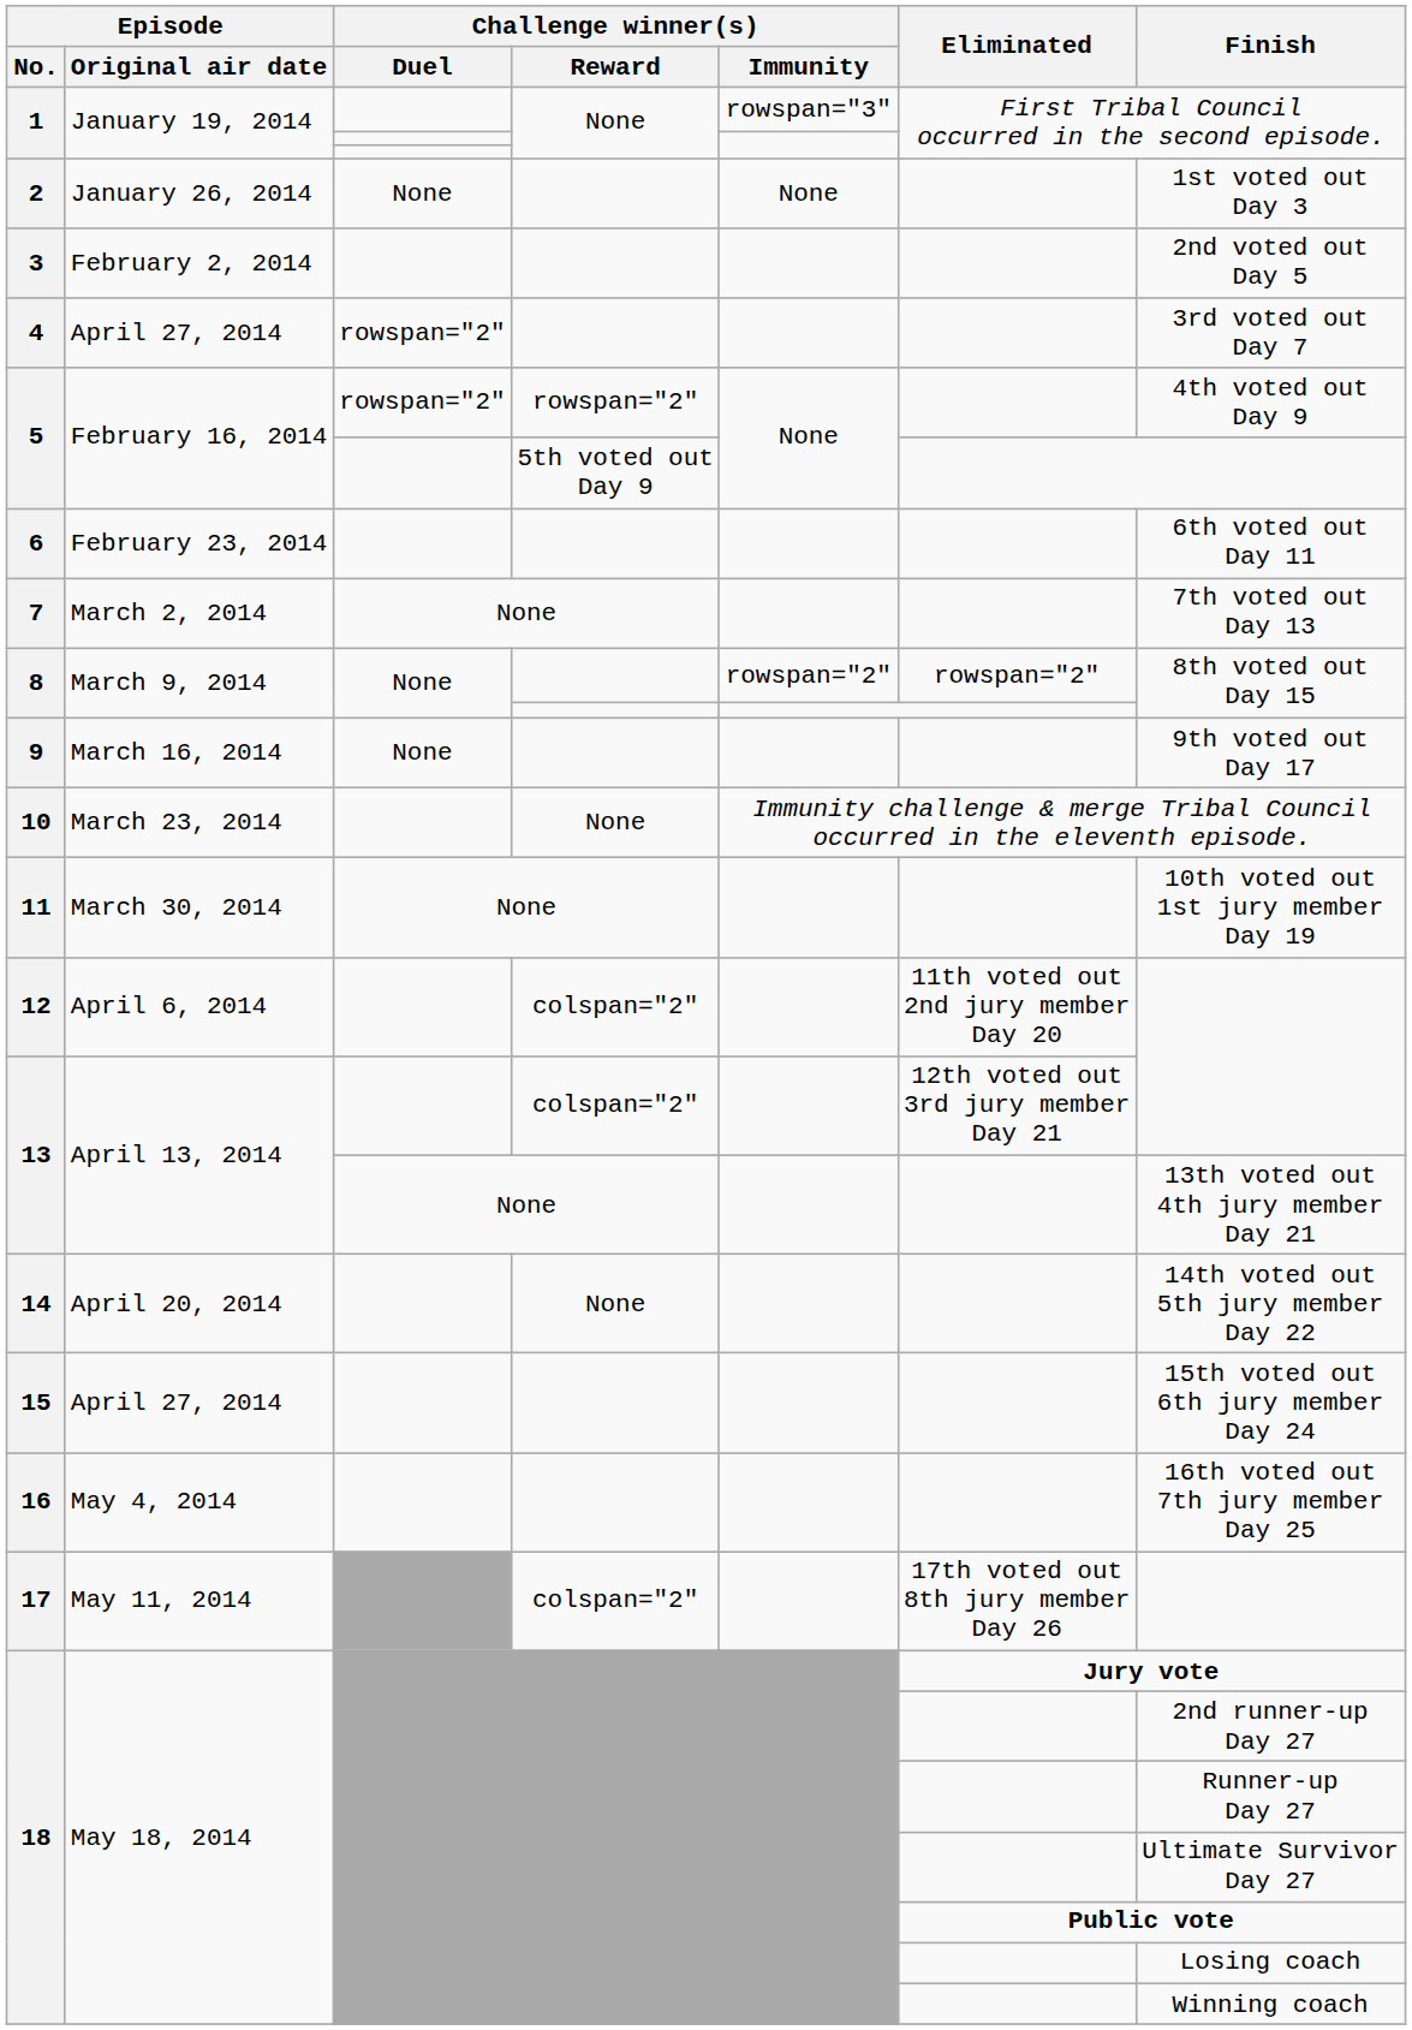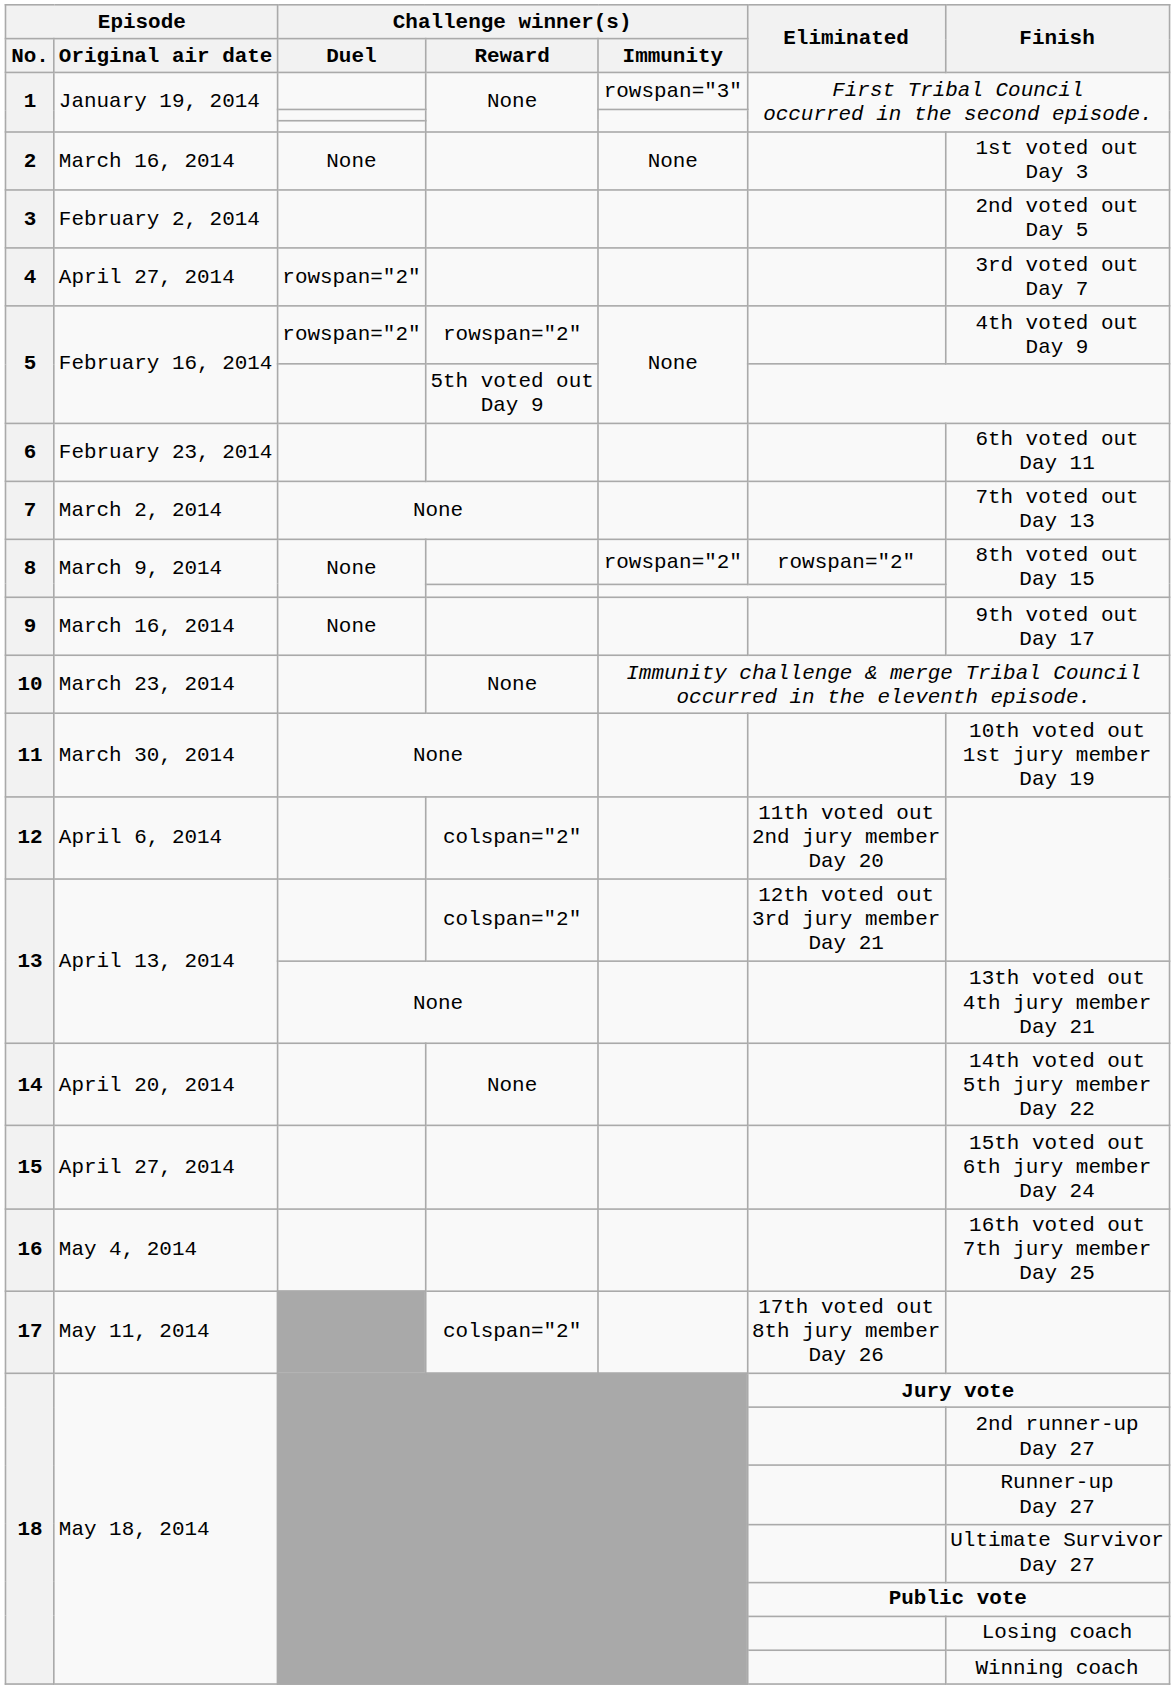 <table class="wikitable" style="margin:auto; text-align:center">
 <tr>
 <th colspan=2>Episode</th>
 <th colspan=3>Challenge winner(s)</th>
 <th rowspan=2>Eliminated</th>
 <th rowspan=2>Finish</th>
 </tr>
 <tr>
 <th>No.</th>
 <th>Original air date</th>
 <th>Duel</th>
 <th>Reward</th>
 <th>Immunity</th>
 </tr>
 <tr>
 <th rowspan="3" align="left">1</th>
 <td rowspan="3" align="left">January 19, 2014</td>
 <td></td>
 <td rowspan=3>None</td>
 <td>rowspan="3" </td>
 <td rowspan="3" colspan="2"><em>First Tribal Council<br>occurred in the second episode.</em></td>
 </tr>
 <tr>
 <td></td>
 </tr>
 <tr>
 <td></td>
 </tr>
 <tr>
 <th>2</th>
-<td align="left">January 26, 2014</td>
+<td align="left">March 16, 2014</td>
 <td>None</td>
 <td></td>
 <td>None</td>
 <td></td>
 <td>1st voted out<br>Day 3</td>
 </tr>
 <tr>
 <th>3</th>
 <td align="left">February 2, 2014</td>
 <td></td>
 <td></td>
 <td></td>
 <td></td>
 <td>2nd voted out<br>Day 5</td>
 </tr>
 <tr>
 <th>4</th>
 <td align="left">April 27, 2014</td>
 <td>rowspan="2" </td>
 <td></td>
 <td></td>
 <td></td>
 <td>3rd voted out<br>Day 7</td>
 </tr>
 <tr>
 <th rowspan="2">5</th>
 <td rowspan="2" align="left">February 16, 2014</td>
 <td>rowspan="2" </td>
 <td>rowspan="2" </td>
 <td rowspan="2">None</td>
 <td></td>
 <td>4th voted out<br>Day 9</td>
 </tr>
 <tr>
 <td></td>
 <td>5th voted out<br>Day 9</td>
 </tr>
 <tr>
 <th>6</th>
 <td align="left">February 23, 2014</td>
 <td></td>
 <td></td>
 <td></td>
 <td></td>
 <td>6th voted out<br>Day 11</td>
 </tr>
 <tr>
 <th>7</th>
 <td align="left">March 2, 2014</td>
 <td colspan="2">None</td>
 <td></td>
 <td></td>
 <td>7th voted out<br>Day 13</td>
 </tr>
 <tr>
 <th rowspan="2">8</th>
 <td rowspan="2" align="left">March 9, 2014</td>
 <td rowspan="2">None</td>
 <td></td>
 <td>rowspan="2" </td>
 <td>rowspan="2" </td>
 <td rowspan="2">8th voted out<br>Day 15</td>
 </tr>
 <tr>
 <td></td>
 </tr>
 <tr>
 <th>9</th>
 <td align="left">March 16, 2014</td>
 <td>None</td>
 <td></td>
 <td></td>
 <td></td>
 <td>9th voted out<br>Day 17</td>
 </tr>
 <tr>
 <th>10</th>
 <td align="left">March 23, 2014</td>
 <td></td>
 <td>None</td>
 <td colspan="3"><em>Immunity challenge & merge Tribal Council <br>occurred in the eleventh episode.</em></td>
 </tr>
 <tr>
 <th>11</th>
 <td align="left">March 30, 2014</td>
 <td colspan=2>None</td>
 <td></td>
 <td></td>
 <td>10th voted out<br>1st jury member<br>Day 19</td>
 </tr>
 <tr>
 <th>12</th>
 <td align="left">April 6, 2014</td>
 <td></td>
 <td>colspan="2" </td>
 <td></td>
 <td>11th voted out<br>2nd jury member<br>Day 20</td>
 </tr>
 <tr>
 <th rowspan="2"align="left">13</th>
 <td rowspan="2" align="left">April 13, 2014</td>
 <td></td>
 <td>colspan="2" </td>
 <td></td>
 <td>12th voted out<br>3rd jury member<br>Day 21</td>
 </tr>
 <tr>
 <td colspan="2">None</td>
 <td></td>
 <td></td>
 <td>13th voted out<br>4th jury member<br>Day 21</td>
 </tr>
 <tr>
 <th>14</th>
 <td align="left">April 20, 2014</td>
 <td></td>
 <td>None</td>
 <td></td>
 <td></td>
 <td>14th voted out<br>5th jury member<br>Day 22</td>
 </tr>
 <tr>
 <th>15</th>
 <td align="left">April 27, 2014</td>
 <td></td>
 <td></td>
 <td></td>
 <td></td>
 <td>15th voted out<br>6th jury member<br>Day 24</td>
 </tr>
 <tr>
 <th>16</th>
 <td align="left">May 4, 2014</td>
 <td></td>
 <td></td>
 <td></td>
 <td></td>
 <td>16th voted out<br>7th jury member<br>Day 25</td>
 </tr>
 <tr>
 <th>17</th>
 <td align="left">May 11, 2014</td>
 <td bgcolor="darkgray"></td>
 <td>colspan="2" </td>
 <td></td>
 <td>17th voted out<br>8th jury member<br>Day 26</td>
 </tr>
 <tr>
 <th rowspan="7" align="left">18</th>
 <td rowspan="7" align="left">May 18, 2014</td>
 <td rowspan="7" colspan="3" bgcolor="darkgray"></td>
 <td colspan="3"><strong>Jury vote</strong></td>
 </tr>
 <tr>
 <td></td>
 <td>2nd runner-up<br>Day 27</td>
 </tr>
 <tr>
 <td></td>
 <td>Runner-up<br>Day 27</td>
 </tr>
 <tr>
 <td></td>
 <td>Ultimate Survivor<br>Day 27</td>
 </tr>
 <tr>
 <td colspan="3"><strong>Public vote</strong></td>
 </tr>
 <tr>
 <td></td>
 <td>Losing coach</td>
 </tr>
 <tr>
 <td></td>
 <td>Winning coach</td>
 </tr>
 </table>
